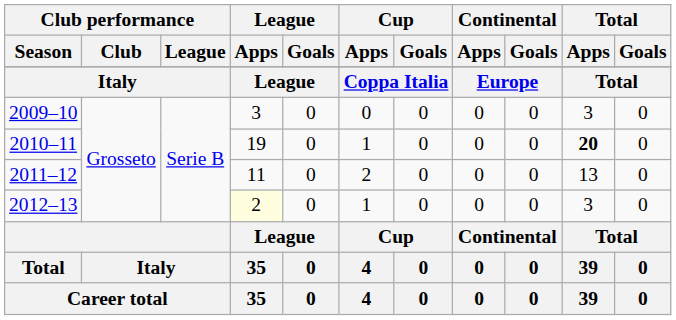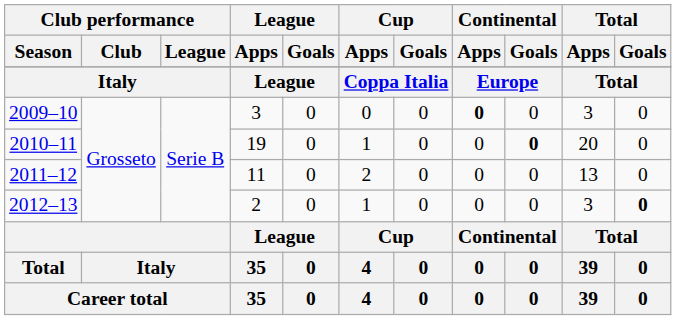 <table class="wikitable" style="text-align:center">
 <tr>
 <th colspan=3>Club performance</th>
 <th colspan=2>League</th>
 <th colspan=2>Cup</th>
 <th colspan=2>Continental</th>
 <th colspan=2>Total</th>
 </tr>
 <tr>
 <th>Season</th>
 <th>Club</th>
 <th>League</th>
 <th>Apps</th>
 <th>Goals</th>
 <th>Apps</th>
 <th>Goals</th>
 <th>Apps</th>
 <th>Goals</th>
 <th>Apps</th>
 <th>Goals</th>
 </tr>
 <tr>
 </tr>
 <tr>
 <th colspan=3>Italy</th>
 <th colspan=2>League</th>
 <th colspan=2><a href='#'>Coppa Italia</a></th>
 <th colspan=2><a href='#'>Europe</a></th>
 <th colspan=2>Total</th>
 </tr>
 <tr>
 <td><a href='#'>2009–10</a></td>
 <td rowspan="4"><a href='#'>Grosseto</a></td>
 <td rowspan="4"><a href='#'>Serie B</a></td>
 <td>3</td>
 <td>0</td>
 <td>0</td>
 <td>0</td>
-<td>0</td>
+<td><strong>0</strong></td>
 <td>0</td>
 <td>3</td>
 <td>0</td>
 </tr>
 <tr>
 <td><a href='#'>2010–11</a></td>
 <td>19</td>
 <td>0</td>
 <td>1</td>
 <td>0</td>
 <td>0</td>
-<td>0</td>
-<td><strong>20</strong></td>
+<td><strong>0</strong></td>
+<td>20</td>
 <td>0</td>
 </tr>
 <tr>
 <td><a href='#'>2011–12</a></td>
 <td>11</td>
 <td>0</td>
 <td>2</td>
 <td>0</td>
 <td>0</td>
 <td>0</td>
 <td>13</td>
 <td>0</td>
 </tr>
 <tr>
 <td><a href='#'>2012–13</a></td>
-<td style="background: lightyellow;">2</td>
+<td>2</td>
 <td>0</td>
 <td>1</td>
 <td>0</td>
 <td>0</td>
 <td>0</td>
 <td>3</td>
-<td>0</td>
+<td><strong>0</strong></td>
 </tr>
 <tr>
 <th colspan=3></th>
 <th colspan=2>League</th>
 <th colspan=2>Cup</th>
 <th colspan=2>Continental</th>
 <th colspan=2>Total</th>
 </tr>
 <tr>
 <th rowspan=1>Total</th>
 <th colspan=2>Italy</th>
 <th>35</th>
 <th>0</th>
 <th>4</th>
 <th>0</th>
 <th>0</th>
 <th>0</th>
 <th>39</th>
 <th>0</th>
 </tr>
 <tr>
 <th colspan=3>Career total</th>
 <th>35</th>
 <th>0</th>
 <th>4</th>
 <th>0</th>
 <th>0</th>
 <th>0</th>
 <th>39</th>
 <th>0</th>
 </tr>
 </table>
